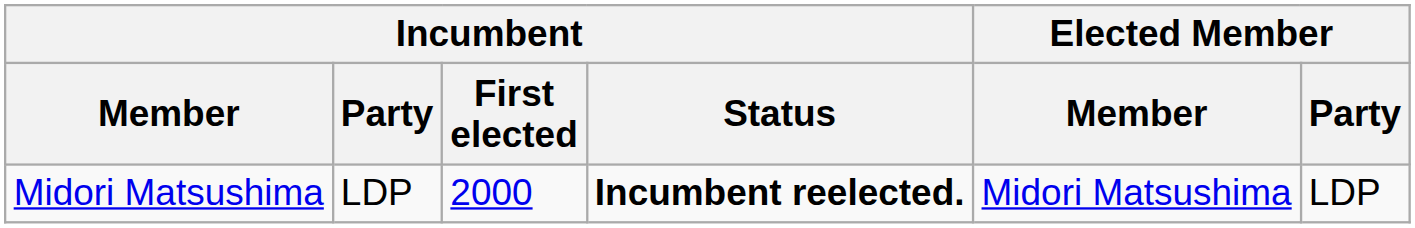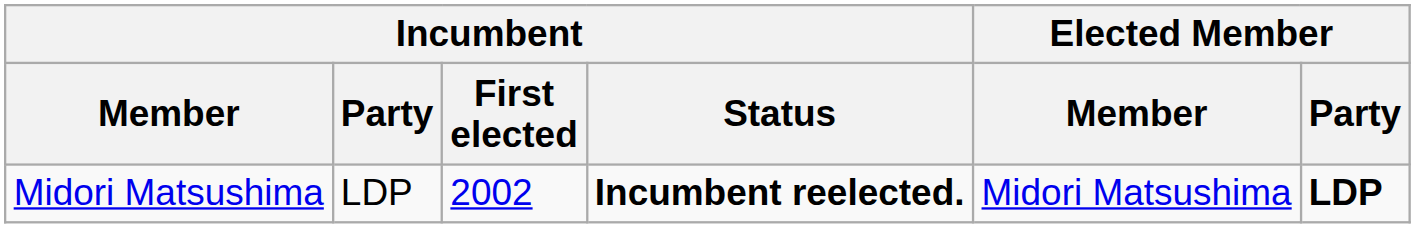 <table class="wikitable sortable">
 <tr>
 <th colspan=4>Incumbent</th>
 <th colspan=2>Elected Member</th>
 </tr>
 <tr>
 <th>Member</th>
 <th>Party</th>
 <th>First<br>elected</th>
 <th>Status</th>
 <th>Member</th>
 <th>Party</th>
 </tr>
 <tr>
 <td><a href='#'>Midori Matsushima</a></td>
 <td>LDP</td>
-<td><a href='#'>2000</a></td>
+<td><a href='#'>2002</a></td>
 <td><strong>Incumbent reelected.</strong></td>
 <td><a href='#'>Midori Matsushima</a></td>
-<td>LDP</td>
+<td><strong>LDP</strong></td>
 </tr>
 </table>
